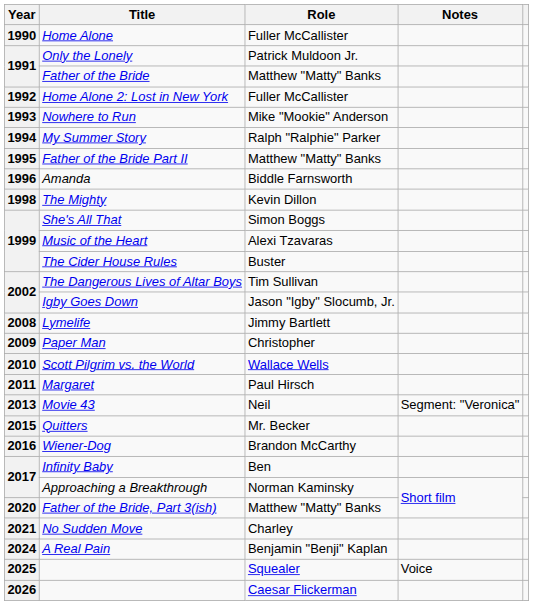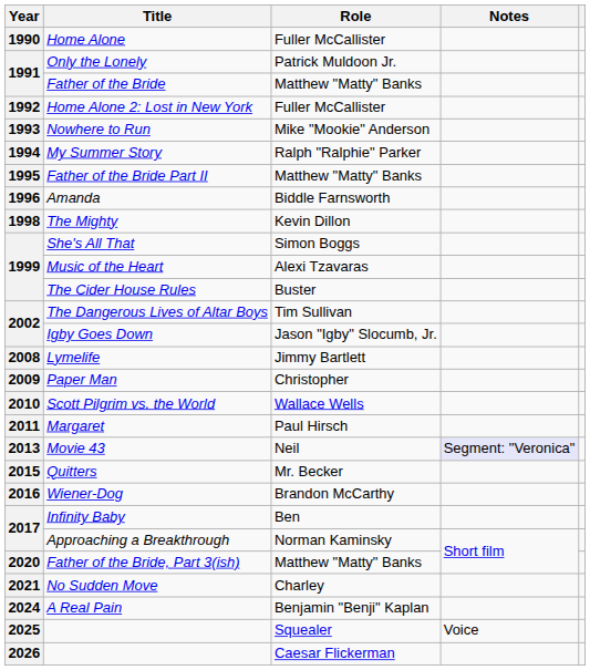 <table class="wikitable plainrowheaders sortable" style="margin-right: 0;">
 <tr>
 <th scope="col">Year</th>
 <th scope="col">Title</th>
 <th scope="col">Role</th>
 <th scope="col" class="unsortable">Notes</th>
 <th scope="col" class="unsortable"></th>
 </tr>
 <tr>
 <th scope="row">1990</th>
 <td><em><a href='#'>Home Alone</a></em></td>
 <td>Fuller McCallister</td>
 <td></td>
 <td align="center"></td>
 </tr>
 <tr>
 <th rowspan="2" scope="row">1991</th>
 <td><em><a href='#'>Only the Lonely</a></em></td>
 <td>Patrick Muldoon Jr.</td>
 <td></td>
 <td align="center"></td>
 </tr>
 <tr>
 <td><em><a href='#'>Father of the Bride</a></em></td>
 <td>Matthew "Matty" Banks</td>
 <td></td>
 <td align="center"></td>
 </tr>
 <tr>
 <th scope="row">1992</th>
 <td><em><a href='#'>Home Alone 2: Lost in New York</a></em></td>
 <td>Fuller McCallister</td>
 <td></td>
 <td align="center"></td>
 </tr>
 <tr>
 <th scope="row">1993</th>
 <td><em><a href='#'>Nowhere to Run</a></em></td>
 <td>Mike "Mookie" Anderson</td>
 <td></td>
 <td align="center"></td>
 </tr>
 <tr>
 <th scope="row">1994</th>
 <td><em><a href='#'>My Summer Story</a></em></td>
 <td>Ralph "Ralphie" Parker</td>
 <td></td>
 <td align="center"></td>
 </tr>
 <tr>
 <th scope="row">1995</th>
 <td><em><a href='#'>Father of the Bride Part II</a></em></td>
 <td>Matthew "Matty" Banks</td>
 <td></td>
 <td align="center"></td>
 </tr>
 <tr>
 <th scope="row">1996</th>
 <td><em>Amanda</em></td>
 <td>Biddle Farnsworth</td>
 <td></td>
 <td align="center"></td>
 </tr>
 <tr>
 <th scope="row">1998</th>
 <td><em><a href='#'>The Mighty</a></em></td>
 <td>Kevin Dillon</td>
 <td></td>
 <td align="center"></td>
 </tr>
 <tr>
 <th rowspan="3" scope="row">1999</th>
 <td><em><a href='#'>She's All That</a></em></td>
 <td>Simon Boggs</td>
 <td></td>
 <td align="center"></td>
 </tr>
 <tr>
 <td><em><a href='#'>Music of the Heart</a></em></td>
 <td>Alexi Tzavaras</td>
 <td></td>
 <td align="center"></td>
 </tr>
 <tr>
 <td><em><a href='#'>The Cider House Rules</a></em></td>
 <td>Buster</td>
 <td></td>
 <td align="center"></td>
 </tr>
 <tr>
 <th rowspan="2" scope="row">2002</th>
 <td><em><a href='#'>The Dangerous Lives of Altar Boys</a></em></td>
 <td>Tim Sullivan</td>
 <td></td>
 <td align="center"></td>
 </tr>
 <tr>
 <td><em><a href='#'>Igby Goes Down</a></em></td>
 <td>Jason "Igby" Slocumb, Jr.</td>
 <td></td>
 <td align="center"></td>
 </tr>
 <tr>
 <th scope="row">2008</th>
 <td><em><a href='#'>Lymelife</a></em></td>
 <td>Jimmy Bartlett</td>
 <td></td>
 <td align="center"></td>
 </tr>
 <tr>
 <th scope="row">2009</th>
 <td><em><a href='#'>Paper Man</a></em></td>
 <td>Christopher</td>
 <td></td>
 <td align="center"></td>
 </tr>
 <tr>
 <th scope="row">2010</th>
 <td><em><a href='#'>Scott Pilgrim vs. the World</a></em></td>
 <td><a href='#'>Wallace Wells</a></td>
 <td></td>
 <td align="center"></td>
 </tr>
 <tr>
 <th scope="row">2011</th>
 <td><em><a href='#'>Margaret</a></em></td>
 <td>Paul Hirsch</td>
 <td></td>
 <td align="center"></td>
 </tr>
 <tr>
 <th scope="row">2013</th>
 <td><em><a href='#'>Movie 43</a></em></td>
 <td>Neil</td>
-<td>Segment: "Veronica"</td>
+<td style="background: lavender;">Segment: "Veronica"</td>
 <td align="center"></td>
 </tr>
 <tr>
 <th scope="row">2015</th>
 <td><em><a href='#'>Quitters</a></em></td>
 <td>Mr. Becker</td>
 <td></td>
 <td align="center"></td>
 </tr>
 <tr>
 <th scope="row">2016</th>
 <td><em><a href='#'>Wiener-Dog</a></em></td>
 <td>Brandon McCarthy</td>
 <td></td>
 <td align="center"></td>
 </tr>
 <tr>
 <th rowspan="2" scope="row">2017</th>
 <td><em><a href='#'>Infinity Baby</a></em></td>
 <td>Ben</td>
 <td></td>
 <td align="center"></td>
 </tr>
 <tr>
 <td><em>Approaching a Breakthrough</em></td>
 <td>Norman Kaminsky</td>
 <td rowspan="2"><a href='#'>Short film</a></td>
 <td align="center"></td>
 </tr>
 <tr>
 <th scope="row">2020</th>
 <td><em><a href='#'>Father of the Bride, Part 3(ish)</a></em></td>
 <td>Matthew "Matty" Banks</td>
 <td align="center"></td>
 </tr>
 <tr>
 <th scope="row">2021</th>
 <td><em><a href='#'>No Sudden Move</a></em></td>
 <td>Charley</td>
 <td></td>
 <td align="center"></td>
 </tr>
 <tr>
 <th scope="row">2024</th>
 <td><em><a href='#'>A Real Pain</a></em></td>
 <td>Benjamin "Benji" Kaplan</td>
 <td></td>
 <td align="center"></td>
 </tr>
 <tr>
 <th scope="row">2025</th>
 <td></td>
 <td><a href='#'>Squealer</a></td>
 <td>Voice</td>
 <td align="center"></td>
 </tr>
 <tr>
 <th scope="row">2026</th>
 <td></td>
 <td><a href='#'>Caesar Flickerman</a></td>
 <td></td>
 <td align="center"></td>
 </tr>
 </table>
